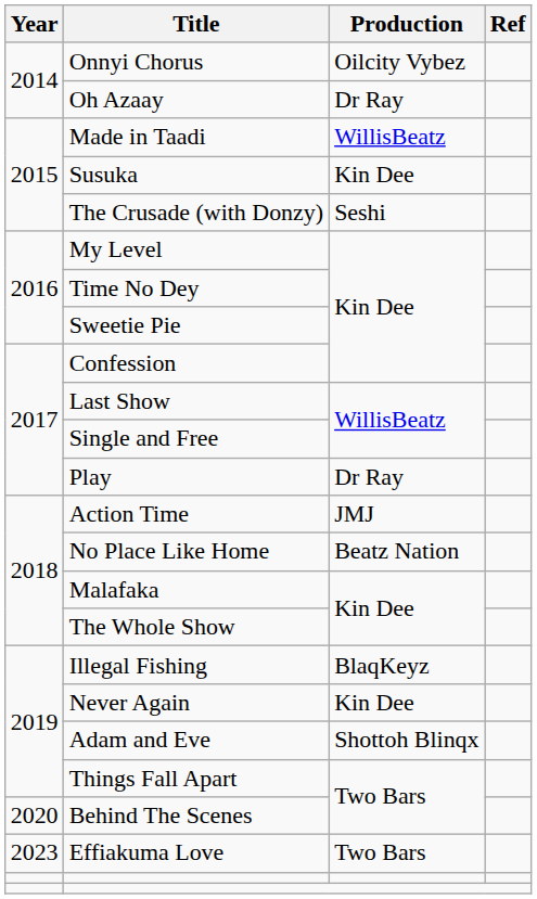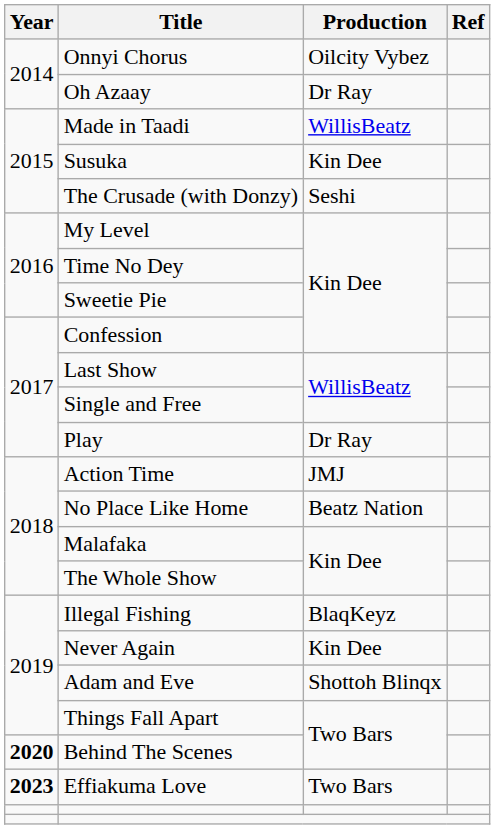 <table class="wikitable sortable mw-collapsible mw-collapsed">
 <tr>
 <th>Year</th>
 <th>Title</th>
 <th>Production</th>
 <th>Ref</th>
 </tr>
 <tr>
 <td rowspan="2">2014</td>
 <td>Onnyi Chorus</td>
 <td>Oilcity Vybez</td>
 <td></td>
 </tr>
 <tr>
 <td>Oh Azaay</td>
 <td>Dr Ray</td>
 <td></td>
 </tr>
 <tr>
 <td rowspan="3">2015</td>
 <td>Made in Taadi</td>
 <td><a href='#'>WillisBeatz</a></td>
 <td></td>
 </tr>
 <tr>
 <td>Susuka</td>
 <td>Kin Dee</td>
 <td></td>
 </tr>
 <tr>
 <td>The Crusade (with Donzy)</td>
 <td>Seshi</td>
 <td></td>
 </tr>
 <tr>
 <td rowspan="3">2016</td>
 <td>My Level</td>
 <td rowspan="4">Kin Dee</td>
 <td></td>
 </tr>
 <tr>
 <td>Time No Dey</td>
 <td></td>
 </tr>
 <tr>
 <td>Sweetie Pie</td>
 <td></td>
 </tr>
 <tr>
 <td rowspan="4">2017</td>
 <td>Confession</td>
 <td></td>
 </tr>
 <tr>
 <td>Last Show</td>
 <td rowspan="2"><a href='#'>WillisBeatz</a></td>
 <td></td>
 </tr>
 <tr>
 <td>Single and Free</td>
 <td></td>
 </tr>
 <tr>
 <td>Play</td>
 <td>Dr Ray</td>
 <td></td>
 </tr>
 <tr>
 <td rowspan="4">2018</td>
 <td>Action Time</td>
 <td>JMJ</td>
 <td></td>
 </tr>
 <tr>
 <td>No Place Like Home</td>
 <td>Beatz Nation</td>
 <td></td>
 </tr>
 <tr>
 <td>Malafaka</td>
 <td rowspan="2">Kin Dee</td>
 <td></td>
 </tr>
 <tr>
 <td>The Whole Show</td>
 <td></td>
 </tr>
 <tr>
 <td rowspan="4">2019</td>
 <td>Illegal Fishing</td>
 <td>BlaqKeyz</td>
 <td></td>
 </tr>
 <tr>
 <td>Never Again</td>
 <td>Kin Dee</td>
 <td></td>
 </tr>
 <tr>
 <td>Adam and Eve</td>
 <td>Shottoh Blinqx</td>
 <td></td>
 </tr>
 <tr>
 <td>Things Fall Apart</td>
 <td rowspan="2">Two Bars</td>
 <td></td>
 </tr>
 <tr>
-<td rowspan="1">2020</td>
+<td rowspan="1"><strong>2020</strong></td>
 <td>Behind The Scenes</td>
 <td></td>
 </tr>
 <tr>
-<td rowspan="1">2023</td>
+<td rowspan="1"><strong>2023</strong></td>
 <td>Effiakuma Love</td>
 <td>Two Bars</td>
 <td></td>
 </tr>
 <tr>
 <td></td>
 <td></td>
 <td></td>
 <td></td>
 </tr>
 <tr>
 <td></td>
 </tr>
 </table>
